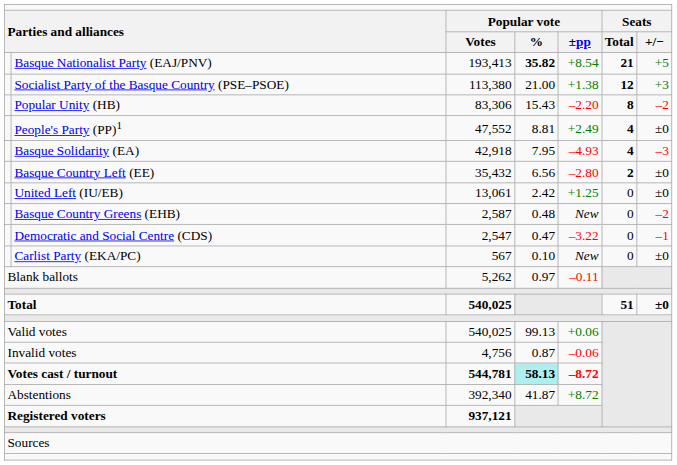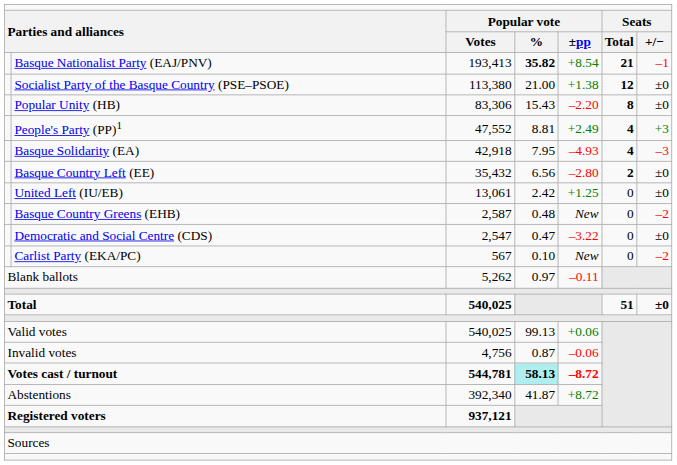 <table class="wikitable" style="text-align:right;">
 <tr>
 <td colspan="7"></td>
 </tr>
 <tr>
 <th style="text-align:left;" rowspan="2" colspan="2" width="525">Parties and alliances</th>
 <th colspan="3">Popular vote</th>
 <th colspan="2">Seats</th>
 </tr>
 <tr>
 <th width="75">Votes</th>
 <th width="45">%</th>
 <th width="45">±<a href='#'>pp</a></th>
 <th width="35">Total</th>
 <th width="35">+/−</th>
 </tr>
 <tr>
 <td width="1" style="color:inherit;background:"></td>
 <td align="left"><a href='#'>Basque Nationalist Party</a> (EAJ/PNV)</td>
 <td>193,413</td>
 <td><strong>35.82</strong></td>
 <td style="color:green;">+8.54</td>
 <td><strong>21</strong></td>
-<td style="color:green;">+5</td>
+<td style="color:red;">–1</td>
 </tr>
 <tr>
 <td style="color:inherit;background:"></td>
 <td align="left"><a href='#'>Socialist Party of the Basque Country</a> (PSE–PSOE)</td>
 <td>113,380</td>
 <td>21.00</td>
 <td style="color:green;">+1.38</td>
 <td><strong>12</strong></td>
-<td style="color:green;">+3</td>
+<td>±0</td>
 </tr>
 <tr>
 <td style="color:inherit;background:"></td>
 <td align="left"><a href='#'>Popular Unity</a> (HB)</td>
 <td>83,306</td>
 <td>15.43</td>
 <td style="color:red;">–2.20</td>
 <td><strong>8</strong></td>
-<td style="color:red;">–2</td>
+<td>±0</td>
 </tr>
 <tr>
 <td style="color:inherit;background:"></td>
 <td align="left"><a href='#'>People's Party</a> (PP)<sup>1</sup></td>
 <td>47,552</td>
 <td>8.81</td>
 <td style="color:green;">+2.49</td>
 <td><strong>4</strong></td>
-<td>±0</td>
+<td style="color:green;">+3</td>
 </tr>
 <tr>
 <td style="color:inherit;background:"></td>
 <td align="left"><a href='#'>Basque Solidarity</a> (EA)</td>
 <td>42,918</td>
 <td>7.95</td>
 <td style="color:red;">–4.93</td>
 <td><strong>4</strong></td>
 <td style="color:red;">–3</td>
 </tr>
 <tr>
 <td style="color:inherit;background:"></td>
 <td align="left"><a href='#'>Basque Country Left</a> (EE)</td>
 <td>35,432</td>
 <td>6.56</td>
 <td style="color:red;">–2.80</td>
 <td><strong>2</strong></td>
 <td>±0</td>
 </tr>
 <tr>
 <td style="color:inherit;background:"></td>
 <td align="left"><a href='#'>United Left</a> (IU/EB)</td>
 <td>13,061</td>
 <td>2.42</td>
 <td style="color:green;">+1.25</td>
 <td>0</td>
 <td>±0</td>
 </tr>
 <tr>
 <td style="color:inherit;background:"></td>
 <td align="left"><a href='#'>Basque Country Greens</a> (EHB)</td>
 <td>2,587</td>
 <td>0.48</td>
 <td><em>New</em></td>
 <td>0</td>
 <td style="color:red;">–2</td>
 </tr>
 <tr>
 <td style="color:inherit;background:"></td>
 <td align="left"><a href='#'>Democratic and Social Centre</a> (CDS)</td>
 <td>2,547</td>
 <td>0.47</td>
 <td style="color:red;">–3.22</td>
 <td>0</td>
-<td style="color:red;">–1</td>
+<td>±0</td>
 </tr>
 <tr>
 <td style="color:inherit;background:"></td>
 <td align="left"><a href='#'>Carlist Party</a> (EKA/PC)</td>
 <td>567</td>
 <td>0.10</td>
 <td><em>New</em></td>
 <td>0</td>
-<td>±0</td>
+<td style="color:red;">–2</td>
 </tr>
 <tr>
 <td align="left" colspan="2">Blank ballots</td>
 <td>5,262</td>
 <td>0.97</td>
 <td style="color:red;">–0.11</td>
 <td bgcolor="#E9E9E9" colspan="2"></td>
 </tr>
 <tr>
 <td colspan="7" bgcolor="#E9E9E9"></td>
 </tr>
 <tr style="font-weight:bold;">
 <td align="left" colspan="2">Total</td>
 <td>540,025</td>
 <td bgcolor="#E9E9E9" colspan="2"></td>
 <td>51</td>
 <td>±0</td>
 </tr>
 <tr>
 <td colspan="7" bgcolor="#E9E9E9"></td>
 </tr>
 <tr>
 <td align="left" colspan="2">Valid votes</td>
 <td>540,025</td>
 <td>99.13</td>
 <td style="color:green;">+0.06</td>
 <td bgcolor="#E9E9E9" colspan="2" rowspan="5"></td>
 </tr>
 <tr>
 <td align="left" colspan="2">Invalid votes</td>
 <td>4,756</td>
 <td>0.87</td>
 <td style="color:red;">–0.06</td>
 </tr>
 <tr style="font-weight:bold;">
 <td align="left" colspan="2">Votes cast / turnout</td>
 <td>544,781</td>
 <td style="background: paleturquoise;">58.13</td>
 <td style="color:red;">–8.72</td>
 </tr>
 <tr>
 <td align="left" colspan="2">Abstentions</td>
 <td>392,340</td>
 <td>41.87</td>
 <td style="color:green;">+8.72</td>
 </tr>
 <tr style="font-weight:bold;">
 <td align="left" colspan="2">Registered voters</td>
 <td>937,121</td>
 <td bgcolor="#E9E9E9" colspan="2"></td>
 </tr>
 <tr>
 <td colspan="7" bgcolor="#E9E9E9"></td>
 </tr>
 <tr>
 <td align="left" colspan="7">Sources</td>
 </tr>
 <tr>
 <td colspan="7" style="text-align:left; max-width:790px;"></td>
 </tr>
 </table>
